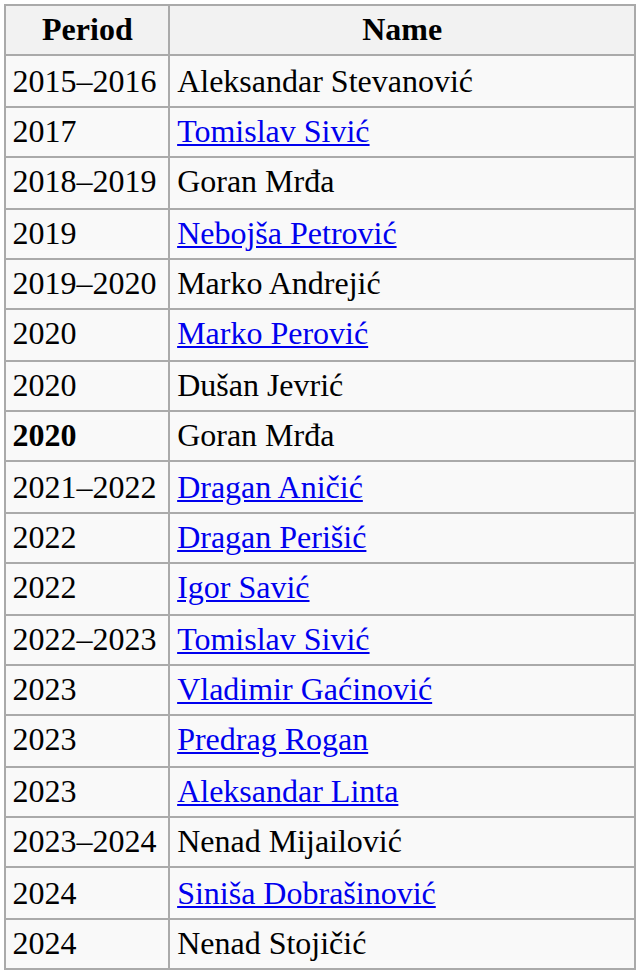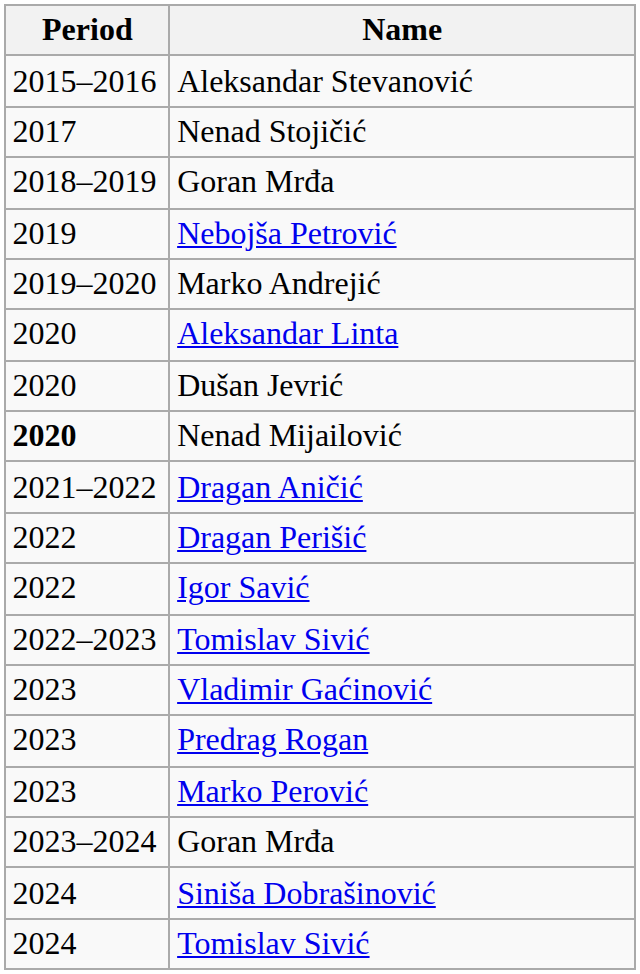 <table class="wikitable">
 <tr>
 <th width="75">Period</th>
 <th width="225">Name</th>
 </tr>
 <tr>
 <td>2015–2016</td>
 <td> Aleksandar Stevanović</td>
 </tr>
 <tr>
 <td>2017</td>
-<td> <a href='#'>Tomislav Sivić</a></td>
+<td> Nenad Stojičić</td>
 </tr>
 <tr>
 <td>2018–2019</td>
 <td> Goran Mrđa</td>
 </tr>
 <tr>
 <td>2019</td>
 <td> <a href='#'>Nebojša Petrović</a></td>
 </tr>
 <tr>
 <td>2019–2020</td>
 <td> Marko Andrejić</td>
 </tr>
 <tr>
 <td>2020</td>
-<td> <a href='#'>Marko Perović</a></td>
+<td> <a href='#'>Aleksandar Linta</a></td>
 </tr>
 <tr>
 <td>2020</td>
 <td> Dušan Jevrić</td>
 </tr>
 <tr>
 <td><strong>2020</strong></td>
-<td> Goran Mrđa</td>
+<td> Nenad Mijailović</td>
 </tr>
 <tr>
 <td>2021–2022</td>
 <td> <a href='#'>Dragan Aničić</a></td>
 </tr>
 <tr>
 <td>2022</td>
 <td> <a href='#'>Dragan Perišić</a></td>
 </tr>
 <tr>
 <td>2022</td>
 <td> <a href='#'>Igor Savić</a></td>
 </tr>
 <tr>
 <td>2022–2023</td>
 <td> <a href='#'>Tomislav Sivić</a></td>
 </tr>
 <tr>
 <td>2023</td>
 <td> <a href='#'>Vladimir Gaćinović</a></td>
 </tr>
 <tr>
 <td>2023</td>
 <td> <a href='#'>Predrag Rogan</a></td>
 </tr>
 <tr>
 <td>2023</td>
-<td> <a href='#'>Aleksandar Linta</a></td>
+<td> <a href='#'>Marko Perović</a></td>
 </tr>
 <tr>
 <td>2023–2024</td>
-<td> Nenad Mijailović</td>
+<td> Goran Mrđa</td>
 </tr>
 <tr>
 <td>2024</td>
 <td> <a href='#'>Siniša Dobrašinović</a></td>
 </tr>
 <tr>
 <td>2024</td>
-<td> Nenad Stojičić</td>
+<td> <a href='#'>Tomislav Sivić</a></td>
 </tr>
 </table>
